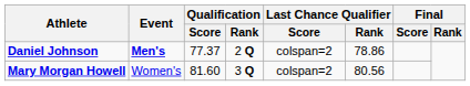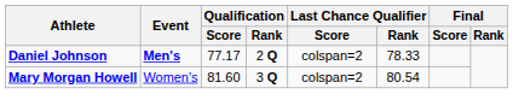 <table class=wikitable style=font-size:90%;text-align:center>
 <tr>
 <th rowspan=2>Athlete</th>
 <th rowspan=2>Event</th>
 <th colspan=2>Qualification</th>
 <th colspan=2>Last Chance Qualifier</th>
 <th colspan=2>Final</th>
 </tr>
 <tr style=font-size:95%>
 <th>Score</th>
 <th>Rank</th>
 <th>Score</th>
 <th>Rank</th>
 <th>Score</th>
 <th>Rank</th>
 </tr>
 <tr>
 <td align=left><strong><a href='#'>Daniel Johnson</a></strong></td>
 <td align=left><strong><a href='#'>Men's</a></strong></td>
-<td>77.37</td>
+<td>77.17</td>
 <td>2 <strong>Q</strong></td>
 <td>colspan=2 </td>
-<td>78.86</td>
+<td>78.33</td>
 <td></td>
 </tr>
 <tr>
 <td align=left><strong><a href='#'>Mary Morgan Howell</a></strong></td>
 <td align=left><a href='#'>Women's</a></td>
 <td>81.60</td>
 <td>3 <strong>Q</strong></td>
 <td>colspan=2 </td>
-<td>80.56</td>
+<td>80.54</td>
 <td></td>
 </tr>
 </table>
